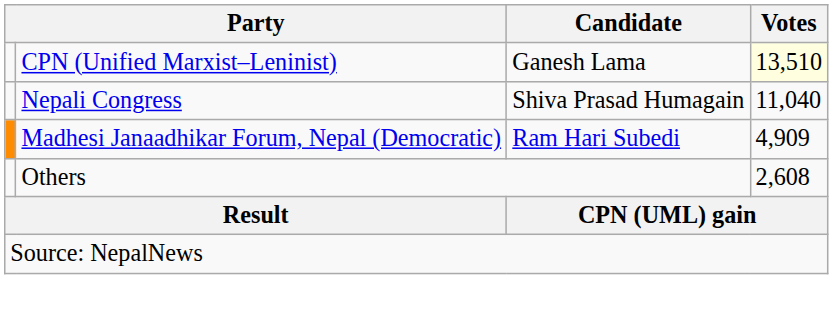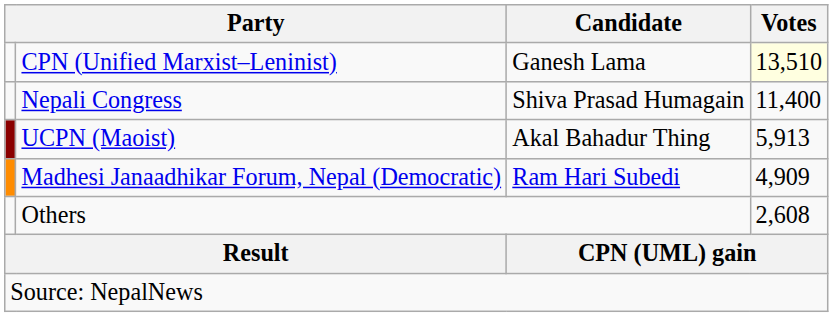 <table class="wikitable">
 <tr>
 <th colspan="2">Party</th>
 <th>Candidate</th>
 <th>Votes</th>
 </tr>
 <tr>
 <td style="background-color:"></td>
 <td><a href='#'>CPN (Unified Marxist–Leninist)</a></td>
 <td>Ganesh Lama</td>
 <td style="background: lightyellow;">13,510</td>
 </tr>
 <tr>
 <td style="background-color:"></td>
 <td><a href='#'>Nepali Congress</a></td>
 <td>Shiva Prasad Humagain</td>
-<td>11,040</td>
+<td>11,400</td>
+</tr>
+<tr>
+<td style="background-color:darkred"></td>
+<td><a href='#'>UCPN (Maoist)</a></td>
+<td>Akal Bahadur Thing</td>
+<td>5,913</td>
 </tr>
 <tr>
 <td style="background-color:darkorange"></td>
 <td><a href='#'>Madhesi Janaadhikar Forum, Nepal (Democratic)</a></td>
 <td><a href='#'>Ram Hari Subedi</a></td>
 <td>4,909</td>
 </tr>
 <tr>
 <td></td>
 <td colspan="2">Others</td>
 <td>2,608</td>
 </tr>
 <tr>
 <th colspan="2">Result</th>
 <th colspan="2">CPN (UML) gain</th>
 </tr>
 <tr>
 <td colspan="4">Source: NepalNews</td>
 </tr>
 </table>
